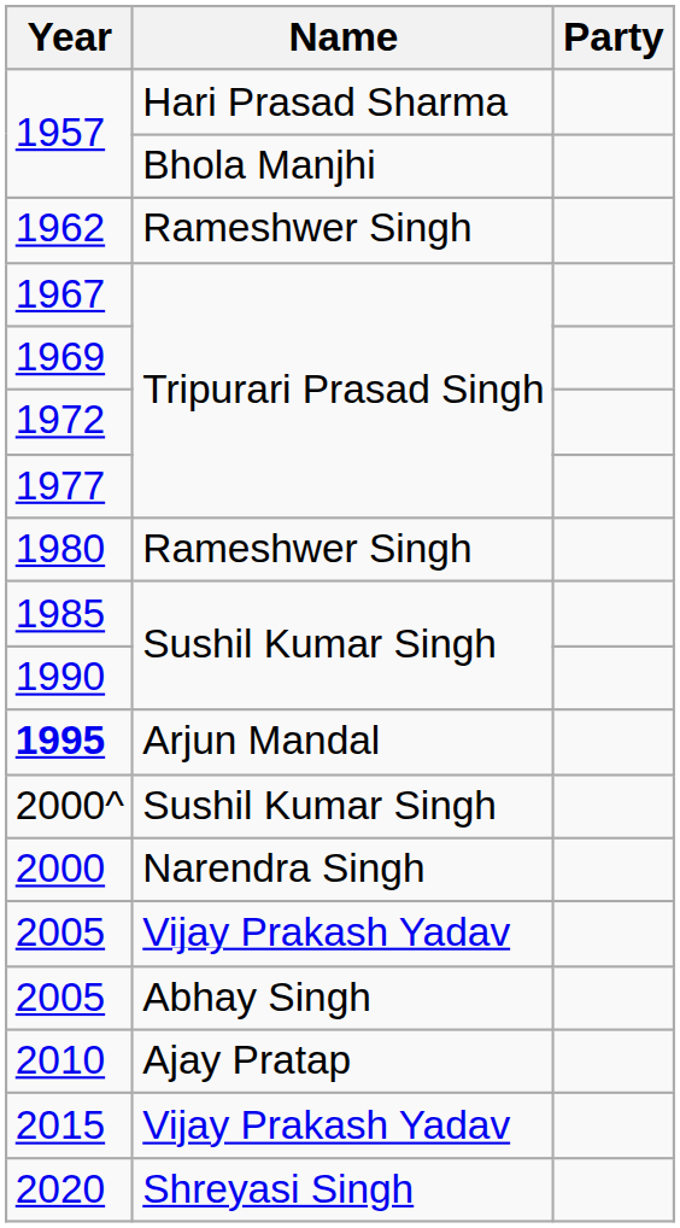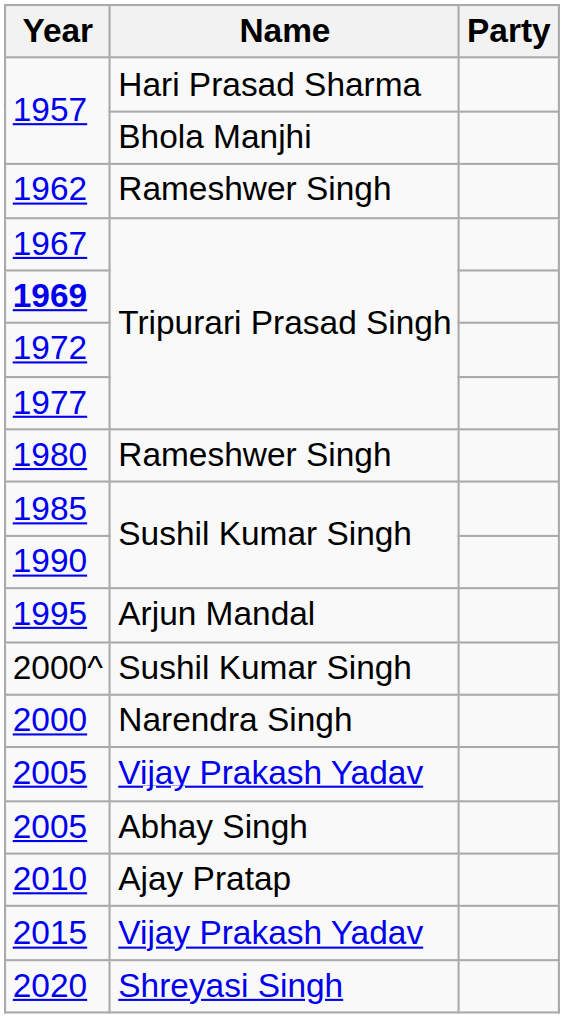 <table class="wikitable sortable">
 <tr>
 <th>Year</th>
 <th>Name</th>
 <th colspan="2">Party</th>
 </tr>
 <tr>
 <td rowspan="2"><a href='#'>1957</a></td>
 <td>Hari Prasad Sharma</td>
 <td></td>
 </tr>
 <tr>
 <td>Bhola Manjhi</td>
 <td></td>
 </tr>
 <tr>
 <td><a href='#'>1962</a></td>
 <td>Rameshwer Singh</td>
 <td></td>
 </tr>
 <tr>
 <td><a href='#'>1967</a></td>
 <td rowspan="4">Tripurari Prasad Singh</td>
 <td></td>
 </tr>
 <tr>
-<td><a href='#'>1969</a></td>
+<td><strong><a href='#'>1969</a></strong></td>
 </tr>
 <tr>
 <td><a href='#'>1972</a></td>
 <td></td>
 </tr>
 <tr>
 <td><a href='#'>1977</a></td>
 <td></td>
 </tr>
 <tr>
 <td><a href='#'>1980</a></td>
 <td>Rameshwer Singh</td>
 <td></td>
 </tr>
 <tr>
 <td><a href='#'>1985</a></td>
 <td rowspan="2">Sushil Kumar Singh</td>
 <td></td>
 </tr>
 <tr>
 <td><a href='#'>1990</a></td>
 </tr>
 <tr>
-<td><strong><a href='#'>1995</a></strong></td>
+<td><a href='#'>1995</a></td>
 <td>Arjun Mandal</td>
 <td></td>
 </tr>
 <tr>
 <td>2000^</td>
 <td>Sushil Kumar Singh</td>
 <td></td>
 </tr>
 <tr>
 <td><a href='#'>2000</a></td>
 <td>Narendra Singh</td>
 </tr>
 <tr>
 <td><a href='#'>2005</a></td>
 <td><a href='#'>Vijay Prakash Yadav</a></td>
 <td></td>
 </tr>
 <tr>
 <td><a href='#'>2005</a></td>
 <td>Abhay Singh</td>
 <td></td>
 </tr>
 <tr>
 <td><a href='#'>2010</a></td>
 <td>Ajay Pratap</td>
 </tr>
 <tr>
 <td><a href='#'>2015</a></td>
 <td><a href='#'>Vijay Prakash Yadav</a></td>
 <td></td>
 </tr>
 <tr>
 <td><a href='#'>2020</a></td>
 <td><a href='#'>Shreyasi Singh</a></td>
 <td></td>
 </tr>
 </table>
